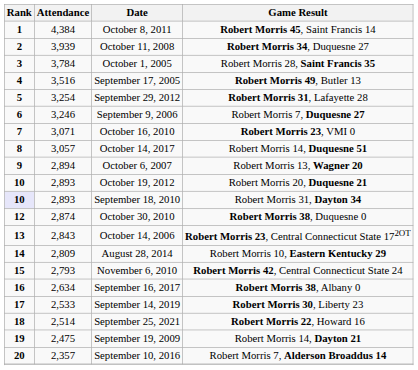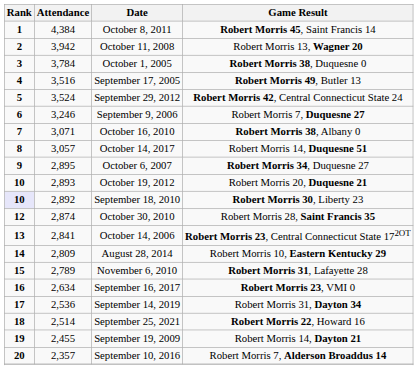 <table class="wikitable">
 <tr>
 <th>Rank</th>
 <th>Attendance</th>
 <th>Date</th>
 <th>Game Result</th>
 </tr>
 <tr align="center">
 <td><strong>1</strong></td>
 <td>4,384</td>
 <td>October 8, 2011</td>
 <td><strong>Robert Morris 45</strong>, Saint Francis 14</td>
 </tr>
 <tr align="center">
 <td><strong>2</strong></td>
-<td>3,939</td>
+<td>3,942</td>
 <td>October 11, 2008</td>
-<td><strong>Robert Morris 34</strong>, Duquesne 27</td>
+<td>Robert Morris 13, <strong>Wagner 20</strong></td>
 </tr>
 <tr align="center">
 <td><strong>3</strong></td>
 <td>3,784</td>
 <td>October 1, 2005</td>
-<td>Robert Morris 28, <strong>Saint Francis 35</strong></td>
+<td><strong>Robert Morris 38</strong>, Duquesne 0</td>
 </tr>
 <tr align="center">
 <td><strong>4</strong></td>
 <td>3,516</td>
 <td>September 17, 2005</td>
 <td><strong>Robert Morris 49</strong>, Butler 13</td>
 </tr>
 <tr align="center">
 <td><strong>5</strong></td>
-<td>3,254</td>
+<td>3,524</td>
 <td>September 29, 2012</td>
-<td><strong>Robert Morris 31</strong>, Lafayette 28</td>
+<td><strong>Robert Morris 42</strong>, Central Connecticut State 24</td>
 </tr>
 <tr align="center">
 <td><strong>6</strong></td>
 <td>3,246</td>
 <td>September 9, 2006</td>
 <td>Robert Morris 7, <strong>Duquesne 27</strong></td>
 </tr>
 <tr align="center">
 <td><strong>7</strong></td>
 <td>3,071</td>
 <td>October 16, 2010</td>
-<td><strong>Robert Morris 23</strong>, VMI 0</td>
+<td><strong>Robert Morris 38</strong>, Albany 0</td>
 </tr>
 <tr align="center">
 <td><strong>8</strong></td>
 <td>3,057</td>
 <td>October 14, 2017</td>
 <td>Robert Morris 14, <strong>Duquesne 51</strong></td>
 </tr>
 <tr align="center">
 <td><strong>9</strong></td>
-<td>2,894</td>
+<td>2,895</td>
 <td>October 6, 2007</td>
-<td>Robert Morris 13, <strong>Wagner 20</strong></td>
+<td><strong>Robert Morris 34</strong>, Duquesne 27</td>
 </tr>
 <tr align="center">
 <td><strong>10</strong></td>
 <td>2,893</td>
 <td>October 19, 2012</td>
 <td>Robert Morris 20, <strong>Duquesne 21</strong></td>
 </tr>
 <tr align="center">
 <td style="background: lavender;"><strong>10</strong></td>
-<td>2,893</td>
+<td>2,892</td>
 <td>September 18, 2010</td>
-<td>Robert Morris 31, <strong>Dayton 34</strong></td>
+<td><strong>Robert Morris 30</strong>,  Liberty 23</td>
 </tr>
 <tr align="center">
 <td><strong>12</strong></td>
 <td>2,874</td>
 <td>October 30, 2010</td>
-<td><strong>Robert Morris 38</strong>, Duquesne 0</td>
+<td>Robert Morris 28, <strong>Saint Francis 35</strong></td>
 </tr>
 <tr align="center">
 <td><strong>13</strong></td>
-<td>2,843</td>
+<td>2,841</td>
 <td>October 14, 2006</td>
 <td><strong>Robert Morris 23</strong>,  Central Connecticut State 17<sup>2OT</sup></td>
 </tr>
 <tr align="center">
 <td><strong>14</strong></td>
 <td>2,809</td>
 <td>August 28, 2014</td>
 <td>Robert Morris 10, <strong>Eastern Kentucky 29</strong></td>
 </tr>
 <tr align="center">
 <td><strong>15</strong></td>
-<td>2,793</td>
+<td>2,789</td>
 <td>November 6, 2010</td>
-<td><strong>Robert Morris 42</strong>, Central Connecticut State 24</td>
+<td><strong>Robert Morris 31</strong>, Lafayette 28</td>
 </tr>
 <tr align="center">
 <td><strong>16</strong></td>
 <td>2,634</td>
 <td>September 16, 2017</td>
-<td><strong>Robert Morris 38</strong>, Albany 0</td>
+<td><strong>Robert Morris 23</strong>, VMI 0</td>
 </tr>
 <tr align="center">
 <td><strong>17</strong></td>
-<td>2,533</td>
+<td>2,536</td>
 <td>September 14, 2019</td>
-<td><strong>Robert Morris 30</strong>,  Liberty 23</td>
+<td>Robert Morris 31, <strong>Dayton 34</strong></td>
 </tr>
 <tr align="center">
 <td><strong>18</strong></td>
 <td>2,514</td>
 <td>September 25, 2021</td>
 <td><strong>Robert Morris 22</strong>, Howard 16</td>
 </tr>
 <tr align="center">
 <td><strong>19</strong></td>
-<td>2,475</td>
+<td>2,455</td>
 <td>September 19, 2009</td>
 <td>Robert Morris 14, <strong>Dayton 21</strong></td>
 </tr>
 <tr align="center">
 <td><strong>20</strong></td>
 <td>2,357</td>
 <td>September 10, 2016</td>
 <td>Robert Morris 7, <strong>Alderson Broaddus 14</strong></td>
 </tr>
 <tr align="center">
 </tr>
 <tr>
 </tr>
 </table>
